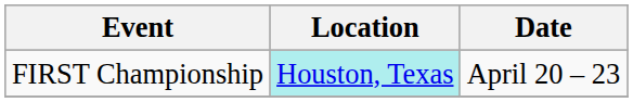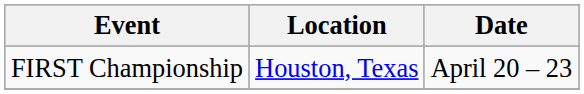 <table class="wikitable">
 <tr>
 <th>Event</th>
 <th>Location</th>
 <th>Date</th>
 </tr>
 <tr>
 <td>FIRST Championship</td>
-<td style="background: paleturquoise;"><a href='#'>Houston, Texas</a></td>
+<td><a href='#'>Houston, Texas</a></td>
 <td>April 20 – 23</td>
 </tr>
 <tr>
 </tr>
 </table>
